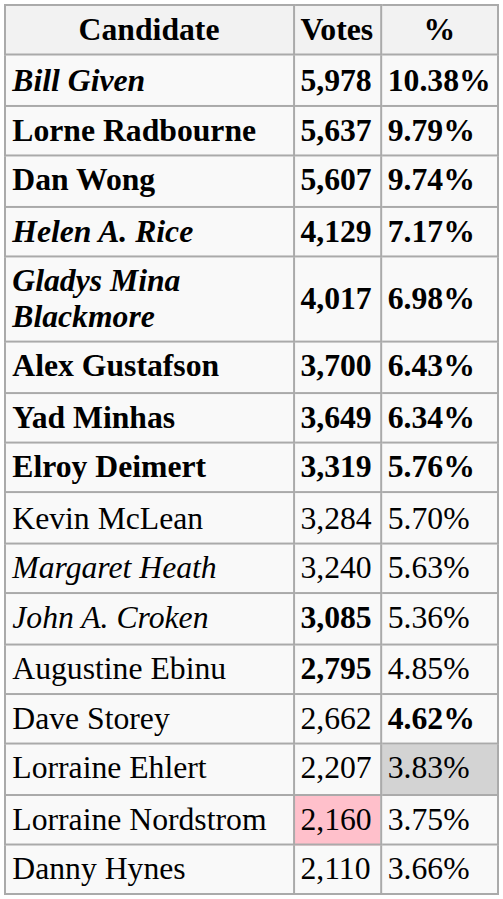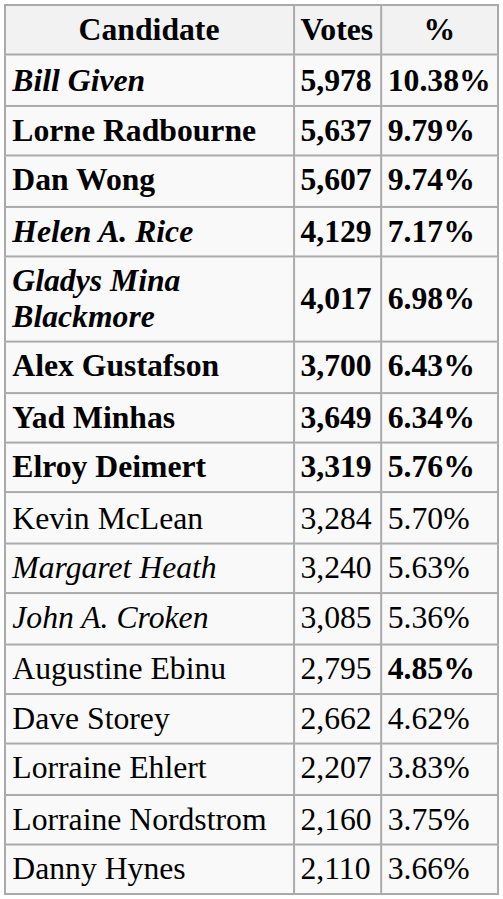 <table class="wikitable" style="width:250px">
 <tr>
 <th>Candidate</th>
 <th>Votes</th>
 <th>%</th>
 </tr>
 <tr>
 <td><strong><em>Bill Given</em></strong></td>
 <td><strong>5,978</strong></td>
 <td><strong>10.38%</strong></td>
 </tr>
 <tr>
 <td><strong>Lorne Radbourne</strong></td>
 <td><strong>5,637</strong></td>
 <td><strong>9.79%</strong></td>
 </tr>
 <tr>
 <td><strong>Dan Wong</strong></td>
 <td><strong>5,607</strong></td>
 <td><strong>9.74%</strong></td>
 </tr>
 <tr>
 <td><strong><em>Helen A. Rice</em></strong></td>
 <td><strong>4,129</strong></td>
 <td><strong>7.17%</strong></td>
 </tr>
 <tr>
 <td><strong><em>Gladys Mina Blackmore</em></strong></td>
 <td><strong>4,017</strong></td>
 <td><strong>6.98%</strong></td>
 </tr>
 <tr>
 <td><strong>Alex Gustafson</strong></td>
 <td><strong>3,700</strong></td>
 <td><strong>6.43%</strong></td>
 </tr>
 <tr>
 <td><strong>Yad Minhas</strong></td>
 <td><strong>3,649</strong></td>
 <td><strong>6.34%</strong></td>
 </tr>
 <tr>
 <td><strong>Elroy Deimert</strong></td>
 <td><strong>3,319</strong></td>
 <td><strong>5.76%</strong></td>
 </tr>
 <tr>
 <td>Kevin McLean</td>
 <td>3,284</td>
 <td>5.70%</td>
 </tr>
 <tr>
 <td><em>Margaret Heath</em></td>
 <td>3,240</td>
 <td>5.63%</td>
 </tr>
 <tr>
 <td><em>John A. Croken</em></td>
-<td><strong>3,085</strong></td>
+<td>3,085</td>
 <td>5.36%</td>
 </tr>
 <tr>
 <td>Augustine Ebinu</td>
-<td><strong>2,795</strong></td>
-<td>4.85%</td>
+<td>2,795</td>
+<td><strong>4.85%</strong></td>
 </tr>
 <tr>
 <td>Dave Storey</td>
 <td>2,662</td>
-<td><strong>4.62%</strong></td>
+<td>4.62%</td>
 </tr>
 <tr>
 <td>Lorraine Ehlert</td>
 <td>2,207</td>
-<td style="background: lightgrey;">3.83%</td>
+<td>3.83%</td>
 </tr>
 <tr>
 <td>Lorraine Nordstrom</td>
-<td style="background: pink;">2,160</td>
+<td>2,160</td>
 <td>3.75%</td>
 </tr>
 <tr>
 <td>Danny Hynes</td>
 <td>2,110</td>
 <td>3.66%</td>
 </tr>
 <tr>
 </tr>
 </table>
